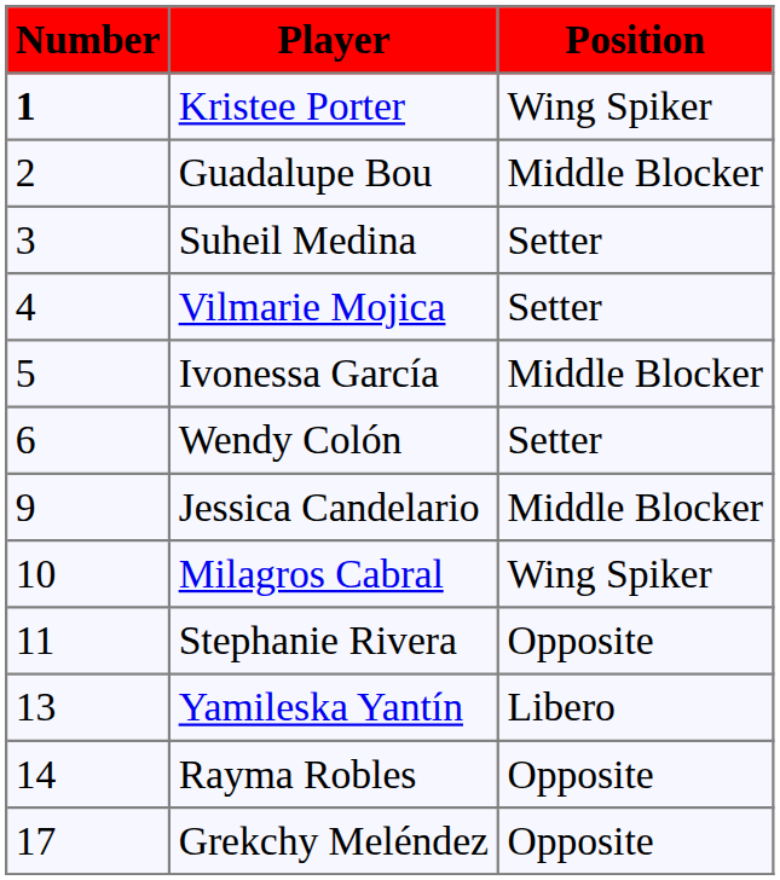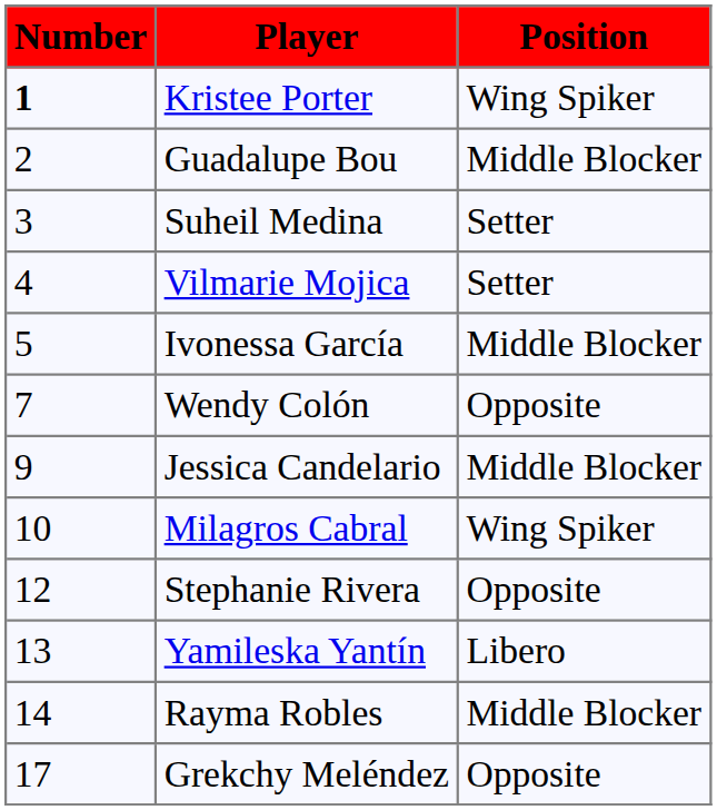 <table bgcolor="#f7f8ff" cellpadding="3" cellspacing="0" border="1" style="font-size: 95%; border: gray solid 1px; border-collapse: collapse;">
 <tr bgcolor="#ff0000">
 <td align=center><strong>Number</strong></td>
 <td align=center><strong>Player</strong></td>
 <td align=center><strong>Position</strong></td>
 </tr>
 <tr align="left">
 <td><strong>1</strong></td>
 <td> <a href='#'>Kristee Porter</a></td>
 <td>Wing Spiker</td>
 </tr>
 <tr align=left>
 <td>2</td>
 <td> Guadalupe Bou</td>
 <td>Middle Blocker</td>
 </tr>
 <tr align="left">
 <td>3</td>
 <td> Suheil Medina</td>
 <td>Setter</td>
 </tr>
 <tr align="left">
 <td>4</td>
 <td> <a href='#'>Vilmarie Mojica</a></td>
 <td>Setter</td>
 </tr>
 <tr align="left">
 <td>5</td>
 <td> Ivonessa García</td>
 <td>Middle Blocker</td>
 </tr>
 <tr align="left">
-<td>6</td>
+<td>7</td>
 <td> Wendy Colón</td>
-<td>Setter</td>
+<td>Opposite</td>
 </tr>
 <tr align="left">
 <td>9</td>
 <td> Jessica Candelario</td>
 <td>Middle Blocker</td>
 </tr>
 <tr align="left">
 <td>10</td>
 <td> <a href='#'>Milagros Cabral</a></td>
 <td>Wing Spiker</td>
 </tr>
 <tr align="left">
-<td>11</td>
+<td>12</td>
 <td> Stephanie Rivera</td>
 <td>Opposite</td>
 </tr>
 <tr align="left">
 <td>13</td>
 <td> <a href='#'>Yamileska Yantín</a></td>
 <td>Libero</td>
 </tr>
 <tr align="left">
 <td>14</td>
 <td> Rayma Robles</td>
-<td>Opposite</td>
+<td>Middle Blocker</td>
 </tr>
 <tr align="left">
 <td>17</td>
 <td> Grekchy Meléndez</td>
 <td>Opposite</td>
 </tr>
 <tr align="left">
 </tr>
 </table>
